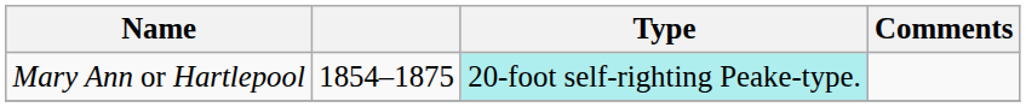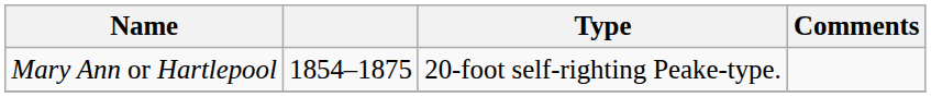 <table class="wikitable">
 <tr>
 <th>Name</th>
 <th></th>
 <th>Type</th>
 <th>Comments</th>
 </tr>
 <tr>
 <td><em>Mary Ann</em> or <em>Hartlepool</em></td>
 <td>1854–1875</td>
-<td style="background: paleturquoise;">20-foot self-righting Peake-type.</td>
+<td>20-foot self-righting Peake-type.</td>
 <td></td>
 </tr>
 <tr>
 </tr>
 </table>
